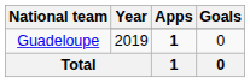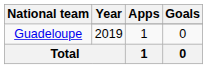 <table class=wikitable style="text-align: center">
 <tr>
 <th>National team</th>
 <th>Year</th>
 <th>Apps</th>
 <th>Goals</th>
 </tr>
 <tr>
 <td rowspan=2><a href='#'>Guadeloupe</a></td>
 </tr>
 <tr>
 <td>2019</td>
-<td><strong>1</strong></td>
+<td>1</td>
 <td>0</td>
 </tr>
 <tr>
 <th colspan=2>Total</th>
 <th>1</th>
 <th>0</th>
 </tr>
 </table>
